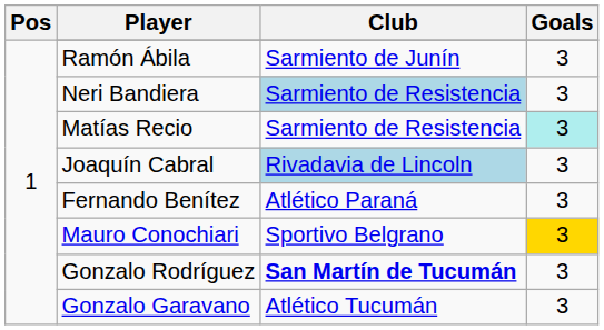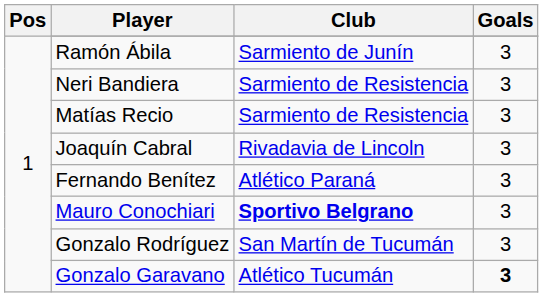 <table class="wikitable">
 <tr>
 <th width=28>Pos</th>
 <th>Player</th>
 <th>Club</th>
 <th>Goals</th>
 </tr>
 <tr>
 <td align=center rowspan=9>1</td>
 </tr>
 <tr>
 <td> Ramón Ábila</td>
 <td><a href='#'>Sarmiento de Junín</a></td>
 <td align=center>3</td>
 </tr>
 <tr>
 <td> Neri Bandiera</td>
-<td style="background: lightblue;"><a href='#'>Sarmiento de Resistencia</a></td>
+<td><a href='#'>Sarmiento de Resistencia</a></td>
 <td align=center>3</td>
 </tr>
 <tr>
 <td> Matías Recio</td>
 <td><a href='#'>Sarmiento de Resistencia</a></td>
-<td align=center style="background: paleturquoise;">3</td>
+<td align=center>3</td>
 </tr>
 <tr>
 <td> Joaquín Cabral</td>
-<td style="background: lightblue;"><a href='#'>Rivadavia de Lincoln</a></td>
+<td><a href='#'>Rivadavia de Lincoln</a></td>
 <td align=center>3</td>
 </tr>
 <tr>
 <td> Fernando Benítez</td>
 <td><a href='#'>Atlético Paraná</a></td>
 <td align=center>3</td>
 </tr>
 <tr>
 <td> <a href='#'>Mauro Conochiari</a></td>
-<td><a href='#'>Sportivo Belgrano</a></td>
-<td align=center style="background: gold;">3</td>
+<td><strong><a href='#'>Sportivo Belgrano</a></strong></td>
+<td align=center>3</td>
 </tr>
 <tr>
 <td> Gonzalo Rodríguez</td>
-<td><strong><a href='#'>San Martín de Tucumán</a></strong></td>
+<td><a href='#'>San Martín de Tucumán</a></td>
 <td align=center>3</td>
 </tr>
 <tr>
 <td> <a href='#'>Gonzalo Garavano</a></td>
 <td><a href='#'>Atlético Tucumán</a></td>
-<td align=center>3</td>
+<td align=center><strong>3</strong></td>
 </tr>
 </table>
